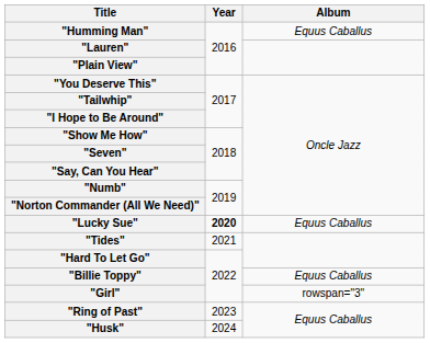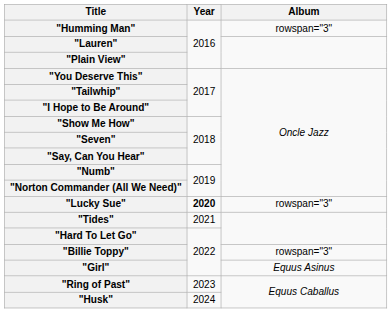 <table class="wikitable plainrowheaders" style="text-align:center;">
 <tr>
 <th scope="col" style="width:20em;">Title</th>
 <th scope="col" style="width:3em;">Year</th>
 <th scope="col" style="width:18em;">Album</th>
 </tr>
 <tr>
 <th scope="row">"Humming Man"</th>
 <td rowspan="3">2016</td>
-<td rowspan="1"><em>Equus Caballus</em></td>
+<td>rowspan="3" </td>
 </tr>
 <tr>
 <th scope="row">"Lauren"</th>
 </tr>
 <tr>
 <th scope="row">"Plain View"</th>
 </tr>
 <tr>
 <th scope="row">"You Deserve This"</th>
 <td rowspan="3">2017</td>
 <td rowspan="8"><em>Oncle Jazz</em></td>
 </tr>
 <tr>
 <th scope="row">"Tailwhip"</th>
 </tr>
 <tr>
 <th scope="row">"I Hope to Be Around"</th>
 </tr>
 <tr>
 <th scope="row">"Show Me How"</th>
 <td rowspan="3">2018</td>
 </tr>
 <tr>
 <th scope="row">"Seven"</th>
 </tr>
 <tr>
 <th scope="row">"Say, Can You Hear"</th>
 </tr>
 <tr>
 <th scope="row">"Numb"</th>
 <td rowspan="2">2019</td>
 </tr>
 <tr>
 <th scope="row">"Norton Commander (All We Need)"</th>
 </tr>
 <tr>
 <th scope="row">"Lucky Sue"</th>
 <td><strong>2020</strong></td>
-<td rowspan="1"><em>Equus Caballus</em></td>
+<td>rowspan="3" </td>
 </tr>
 <tr>
 <th scope="row">"Tides"</th>
 <td>2021</td>
 </tr>
 <tr>
 <th scope="row">"Hard To Let Go"</th>
 <td rowspan="3">2022</td>
 </tr>
 <tr>
 <th scope="row">"Billie Toppy"</th>
-<td rowspan="1"><em>Equus Caballus</em></td>
+<td>rowspan="3" </td>
 </tr>
 <tr>
 <th scope="row">"Girl"</th>
-<td>rowspan="3" </td>
+<td rowspan="1"><em>Equus Asinus</em></td>
 </tr>
 <tr>
 <th scope="row">"Ring of Past"</th>
 <td>2023</td>
 <td rowspan="2"><em>Equus Caballus</em></td>
 </tr>
 <tr>
 <th scope="row">"Husk"</th>
 <td>2024</td>
 </tr>
 </table>
